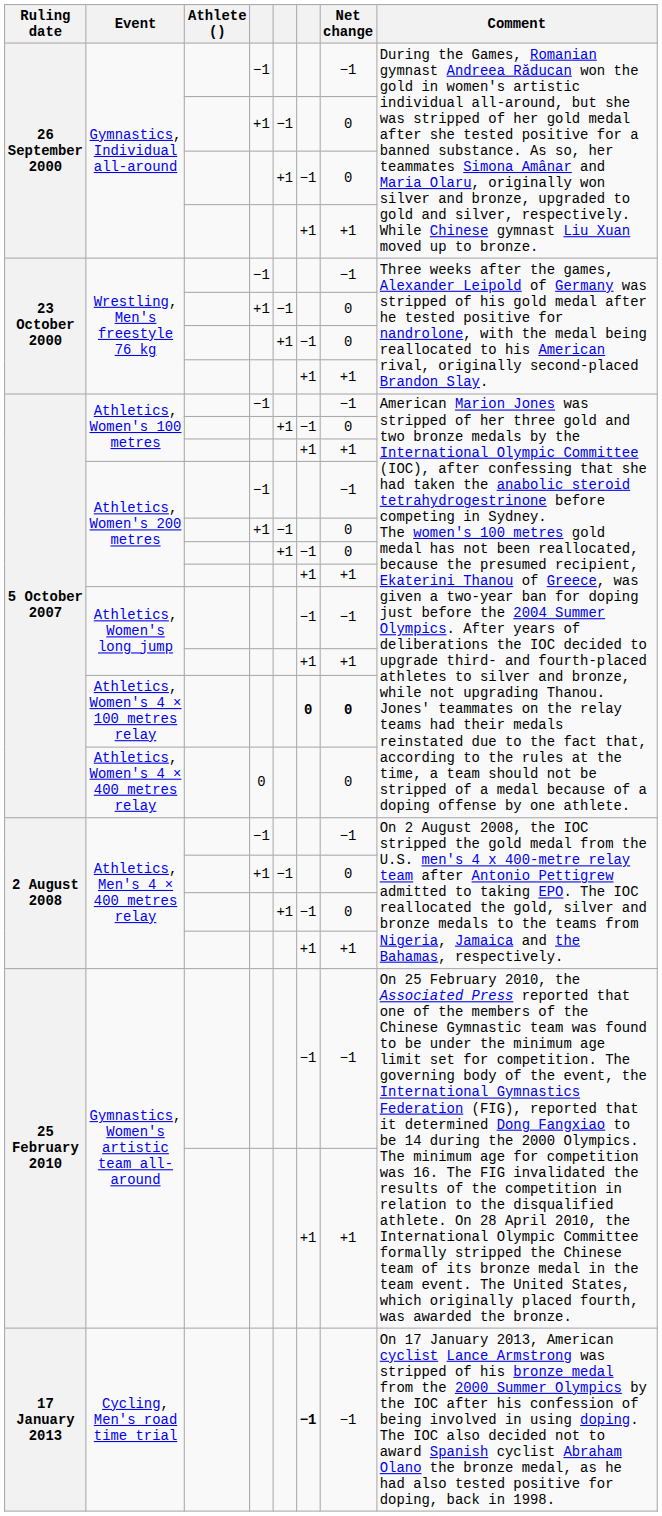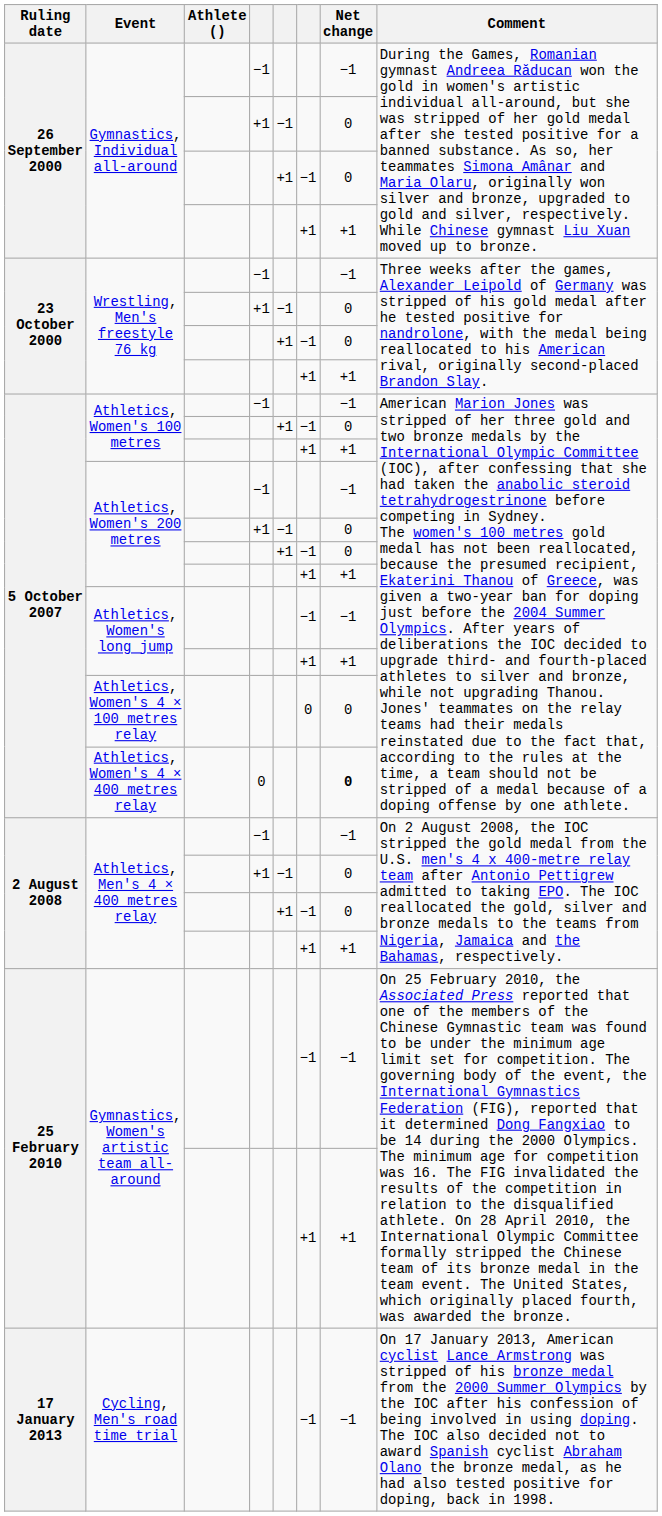 <table class="wikitable" style="text-align:center;">
 <tr>
 <th scope="col">Ruling date</th>
 <th scope="col">Event</th>
 <th scope="col">Athlete ()</th>
 <th scope="col"></th>
 <th scope="col"></th>
 <th scope="col"></th>
 <th scope="col">Net change</th>
 <th scope="col" style="width:50%">Comment</th>
 </tr>
 <tr>
 <th scope="rowgroup" rowspan=4>26 September 2000</th>
 <td rowspan=4><a href='#'>Gymnastics</a>, <a href='#'>Individual all-around</a></td>
 <td align=left> </td>
 <td>−1</td>
 <td></td>
 <td></td>
 <td>−1</td>
 <td rowspan=4 align=left>During the Games, <a href='#'>Romanian</a> gymnast <a href='#'>Andreea Răducan</a> won the gold in women's artistic individual all-around, but she was stripped of her gold medal after she tested positive for a banned substance. As so, her teammates <a href='#'>Simona Amânar</a> and <a href='#'>Maria Olaru</a>, originally won silver and bronze, upgraded to gold and silver, respectively. While <a href='#'>Chinese</a> gymnast <a href='#'>Liu Xuan</a> moved up to bronze.</td>
 </tr>
 <tr>
 <td align=left></td>
 <td>+1</td>
 <td>−1</td>
 <td></td>
 <td>0</td>
 </tr>
 <tr>
 <td align=left></td>
 <td></td>
 <td>+1</td>
 <td>−1</td>
 <td>0</td>
 </tr>
 <tr>
 <td align=left></td>
 <td></td>
 <td></td>
 <td>+1</td>
 <td>+1</td>
 </tr>
 <tr>
 <th scope="rowgroup" rowspan=4>23 October 2000</th>
 <td rowspan=4><a href='#'>Wrestling</a>, <a href='#'>Men's freestyle 76 kg</a></td>
 <td align=left> </td>
 <td>−1</td>
 <td></td>
 <td></td>
 <td>−1</td>
 <td rowspan=4 align=left>Three weeks after the games, <a href='#'>Alexander Leipold</a> of <a href='#'>Germany</a> was stripped of his gold medal after he tested positive for <a href='#'>nandrolone</a>, with the medal being reallocated to his <a href='#'>American</a> rival, originally second-placed <a href='#'>Brandon Slay</a>.</td>
 </tr>
 <tr>
 <td align=left></td>
 <td>+1</td>
 <td>−1</td>
 <td></td>
 <td>0</td>
 </tr>
 <tr>
 <td align=left></td>
 <td></td>
 <td>+1</td>
 <td>−1</td>
 <td>0</td>
 </tr>
 <tr>
 <td align=left></td>
 <td></td>
 <td></td>
 <td>+1</td>
 <td>+1</td>
 </tr>
 <tr>
 <th scope="rowgroup" rowspan=11>5 October 2007</th>
 <td rowspan=3><a href='#'>Athletics</a>, <a href='#'>Women's 100 metres</a></td>
 <td align=left> </td>
 <td>−1</td>
 <td></td>
 <td></td>
 <td>−1</td>
 <td rowspan=11 align=left>American <a href='#'>Marion Jones</a> was stripped of her three gold and two bronze medals by the <a href='#'>International Olympic Committee</a> (IOC), after confessing that she had taken the <a href='#'>anabolic steroid</a> <a href='#'>tetrahydrogestrinone</a> before competing in Sydney.<br>The <a href='#'>women's 100 metres</a> gold medal has not been reallocated, because the presumed recipient, <a href='#'>Ekaterini Thanou</a> of <a href='#'>Greece</a>, was given a two-year ban for doping just before the <a href='#'>2004 Summer Olympics</a>. After years of deliberations the IOC decided to upgrade third- and fourth-placed athletes to silver and bronze, while not upgrading Thanou.<br>Jones' teammates on the relay teams had their medals reinstated due to the fact that, according to the rules at the time, a team should not be stripped of a medal because of a doping offense by one athlete.</td>
 </tr>
 <tr>
 <td align=left></td>
 <td></td>
 <td>+1</td>
 <td>−1</td>
 <td>0</td>
 </tr>
 <tr>
 <td align=left></td>
 <td></td>
 <td></td>
 <td>+1</td>
 <td>+1</td>
 </tr>
 <tr>
 <td rowspan=4><a href='#'>Athletics</a>, <a href='#'>Women's 200 metres</a></td>
 <td align=left> </td>
 <td>−1</td>
 <td></td>
 <td></td>
 <td>−1</td>
 </tr>
 <tr>
 <td align=left></td>
 <td>+1</td>
 <td>−1</td>
 <td></td>
 <td>0</td>
 </tr>
 <tr>
 <td align=left></td>
 <td></td>
 <td>+1</td>
 <td>−1</td>
 <td>0</td>
 </tr>
 <tr>
 <td align=left></td>
 <td></td>
 <td></td>
 <td>+1</td>
 <td>+1</td>
 </tr>
 <tr>
 <td rowspan=2><a href='#'>Athletics</a>, <a href='#'>Women's long jump</a></td>
 <td align=left> </td>
 <td></td>
 <td></td>
 <td>−1</td>
 <td>−1</td>
 </tr>
 <tr>
 <td align=left></td>
 <td></td>
 <td></td>
 <td>+1</td>
 <td>+1</td>
 </tr>
 <tr>
 <td rowspan=1><a href='#'>Athletics</a>, <a href='#'>Women's 4 × 100 metres relay</a></td>
 <td align=left> </td>
 <td></td>
 <td></td>
-<td><strong>0</strong></td>
-<td><strong>0</strong></td>
+<td>0</td>
+<td>0</td>
 </tr>
 <tr>
 <td rowspan=1><a href='#'>Athletics</a>, <a href='#'>Women's 4 × 400 metres relay</a></td>
 <td align=left> </td>
 <td>0</td>
 <td></td>
 <td></td>
-<td>0</td>
+<td><strong>0</strong></td>
 </tr>
 <tr>
 <th scope="rowgroup" rowspan=4>2 August 2008</th>
 <td rowspan=4><a href='#'>Athletics</a>, <a href='#'>Men's 4 × 400 metres relay</a></td>
 <td align=left> </td>
 <td>−1</td>
 <td></td>
 <td></td>
 <td>−1</td>
 <td rowspan=4 align=left>On 2 August 2008, the IOC stripped the gold medal from the U.S. <a href='#'>men's 4 x 400-metre relay team</a> after <a href='#'>Antonio Pettigrew</a> admitted to taking <a href='#'>EPO</a>. The IOC reallocated the gold, silver and bronze medals to the teams from <a href='#'>Nigeria</a>, <a href='#'>Jamaica</a> and <a href='#'>the Bahamas</a>, respectively.</td>
 </tr>
 <tr>
 <td align=left></td>
 <td>+1</td>
 <td>−1</td>
 <td></td>
 <td>0</td>
 </tr>
 <tr>
 <td align=left></td>
 <td></td>
 <td>+1</td>
 <td>−1</td>
 <td>0</td>
 </tr>
 <tr>
 <td align=left></td>
 <td></td>
 <td></td>
 <td>+1</td>
 <td>+1</td>
 </tr>
 <tr>
 <th scope="rowgroup" rowspan=2>25 February 2010</th>
 <td rowspan=2><a href='#'>Gymnastics</a>, <a href='#'>Women's artistic team all-around</a></td>
 <td align=left> </td>
 <td></td>
 <td></td>
 <td>−1</td>
 <td>−1</td>
 <td rowspan=2 align=left>On 25 February 2010, the <em><a href='#'>Associated Press</a></em> reported that one of the members of the Chinese Gymnastic team was found to be under the minimum age limit set for competition. The governing body of the event, the <a href='#'>International Gymnastics Federation</a> (FIG), reported that it determined <a href='#'>Dong Fangxiao</a> to be 14 during the 2000 Olympics. The minimum age for competition was 16. The FIG invalidated the results of the competition in relation to the disqualified athlete. On 28 April 2010, the International Olympic Committee formally stripped the Chinese team of its bronze medal in the team event. The United States, which originally placed fourth, was awarded the bronze.</td>
 </tr>
 <tr>
 <td align=left></td>
 <td></td>
 <td></td>
 <td>+1</td>
 <td>+1</td>
 </tr>
 <tr>
 <th scope="rowgroup" rowspan=1>17 January 2013</th>
 <td rowspan=1><a href='#'>Cycling</a>, <a href='#'>Men's road time trial</a></td>
 <td align=left> </td>
 <td></td>
 <td></td>
-<td><strong>−1</strong></td>
+<td>−1</td>
 <td>−1</td>
 <td rowspan=1 align=left>On 17 January 2013, American <a href='#'>cyclist</a> <a href='#'>Lance Armstrong</a> was stripped of his <a href='#'>bronze medal</a> from the <a href='#'>2000 Summer Olympics</a> by the IOC after his confession of being involved in using <a href='#'>doping</a>. The IOC also decided not to award <a href='#'>Spanish</a> cyclist <a href='#'>Abraham Olano</a> the bronze medal, as he had also tested positive for doping, back in 1998.</td>
 </tr>
 </table>
